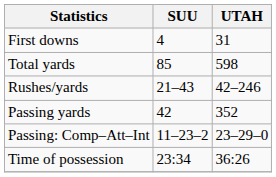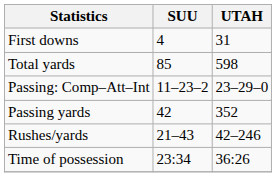 <table class="wikitable" style="float: left;">
 <tr>
 <th>Statistics</th>
 <th>SUU</th>
 <th>UTAH</th>
 </tr>
 <tr>
 <td>First downs</td>
 <td>4</td>
 <td>31</td>
 </tr>
 <tr>
 <td>Total yards</td>
 <td>85</td>
 <td>598</td>
 </tr>
 <tr>
-<td>Rushes/yards</td>
-<td>21–43</td>
-<td>42–246</td>
+<td>Passing: Comp–Att–Int</td>
+<td>11–23–2</td>
+<td>23–29–0</td>
 </tr>
 <tr>
 <td>Passing yards</td>
 <td>42</td>
 <td>352</td>
 </tr>
 <tr>
-<td>Passing: Comp–Att–Int</td>
-<td>11–23–2</td>
-<td>23–29–0</td>
+<td>Rushes/yards</td>
+<td>21–43</td>
+<td>42–246</td>
 </tr>
 <tr>
 <td>Time of possession</td>
 <td>23:34</td>
 <td>36:26</td>
 </tr>
 <tr>
 </tr>
 </table>
